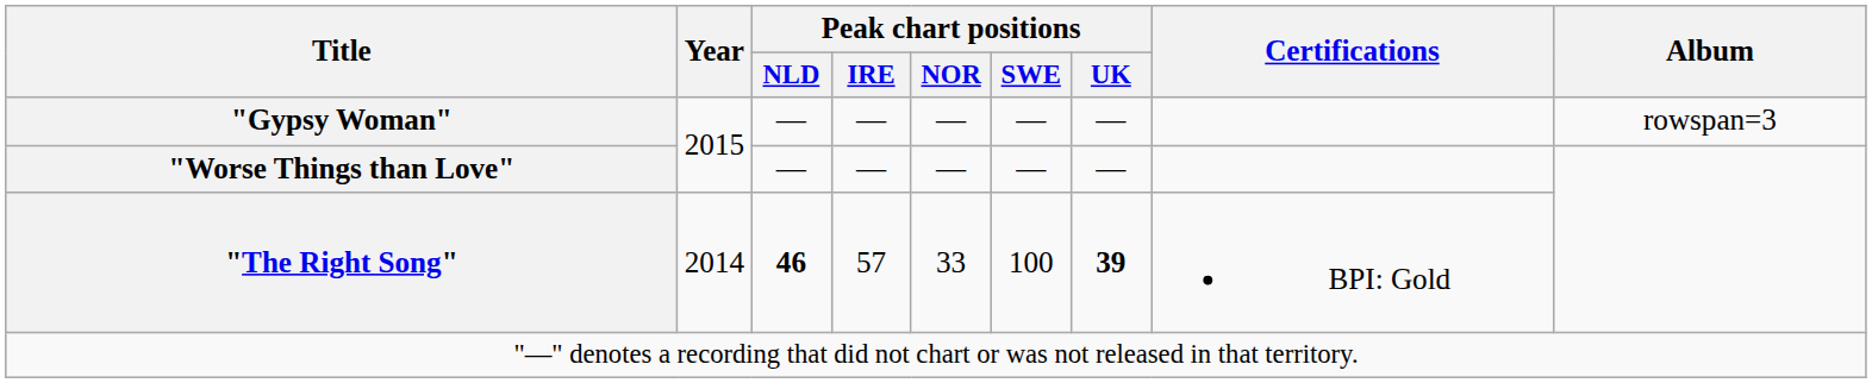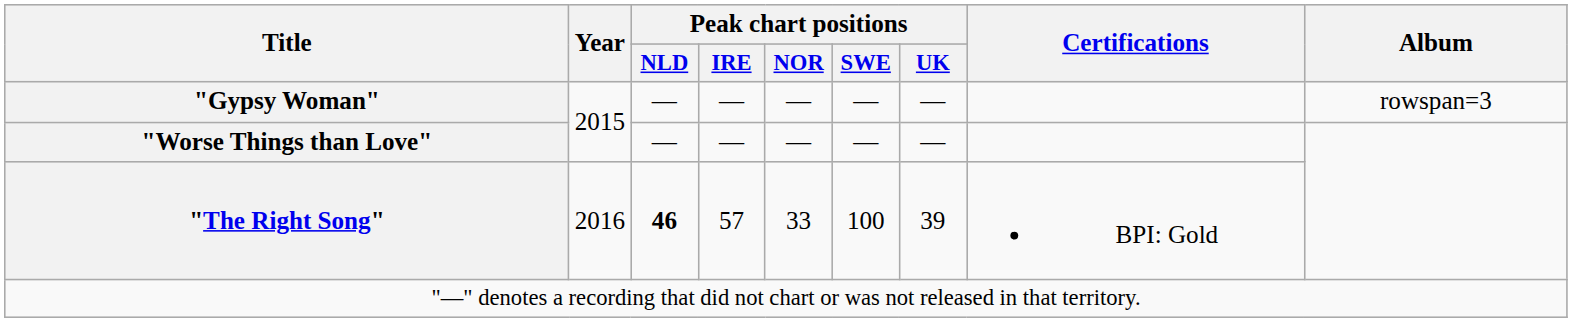 <table class="wikitable plainrowheaders" style="text-align:center;">
 <tr>
 <th scope="col" rowspan="2" style="width:22em;">Title</th>
 <th scope="col" rowspan="2" style="width:1em;">Year</th>
 <th scope="col" colspan="5">Peak chart positions</th>
 <th scope="col" rowspan="2" style="width:13em;"><a href='#'>Certifications</a></th>
 <th scope="col" rowspan="2" style="width:10em;">Album</th>
 </tr>
 <tr>
 <th scope="col" style="width:2.5em;font-size:90%;"><a href='#'>NLD</a><br></th>
 <th scope="col" style="width:2.5em;font-size:90%;"><a href='#'>IRE</a><br></th>
 <th scope="col" style="width:2.5em;font-size:90%;"><a href='#'>NOR</a><br></th>
 <th scope="col" style="width:2.5em;font-size:90%;"><a href='#'>SWE</a><br></th>
 <th scope="col" style="width:2.5em;font-size:90%;"><a href='#'>UK</a><br></th>
 </tr>
 <tr>
 <th scope="row">"Gypsy Woman"<br></th>
 <td rowspan="2">2015</td>
 <td>—</td>
 <td>—</td>
 <td>—</td>
 <td>—</td>
 <td>—</td>
 <td></td>
 <td>rowspan=3 </td>
 </tr>
 <tr>
 <th scope="row">"Worse Things than Love"<br></th>
 <td>—</td>
 <td>—</td>
 <td>—</td>
 <td>—</td>
 <td>—</td>
 <td></td>
 </tr>
 <tr>
 <th scope="row">"<a href='#'>The Right Song</a>"<br></th>
-<td>2014</td>
+<td>2016</td>
 <td><strong>46</strong></td>
 <td>57</td>
 <td>33</td>
 <td>100</td>
-<td><strong>39</strong></td>
+<td>39</td>
 <td><br><ul><li>BPI: Gold</li></ul></td>
 </tr>
 <tr>
 <td colspan="9" style="font-size:90%">"—" denotes a recording that did not chart or was not released in that territory.</td>
 </tr>
 </table>
